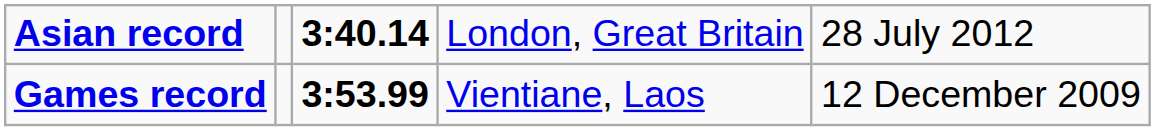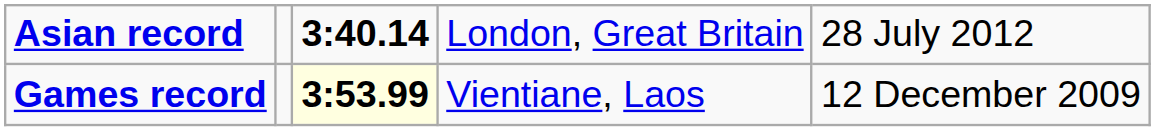 <table class="wikitable">
 <tr>
 <td><strong><a href='#'>Asian record</a></strong></td>
 <td></td>
 <td><strong>3:40.14</strong></td>
 <td><a href='#'>London</a>, <a href='#'>Great Britain</a></td>
 <td>28 July 2012</td>
 </tr>
 <tr>
 <td><strong><a href='#'>Games record</a></strong></td>
 <td></td>
-<td><strong>3:53.99</strong></td>
+<td style="background: lightyellow;"><strong>3:53.99</strong></td>
 <td><a href='#'>Vientiane</a>, <a href='#'>Laos</a></td>
 <td>12 December 2009</td>
 </tr>
 </table>
